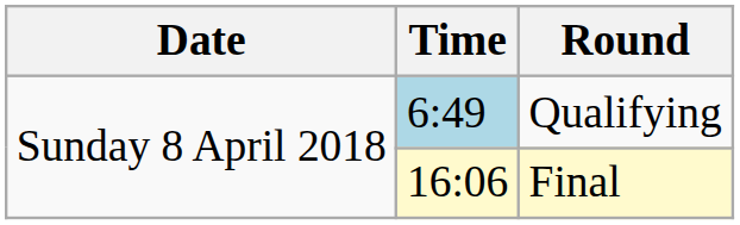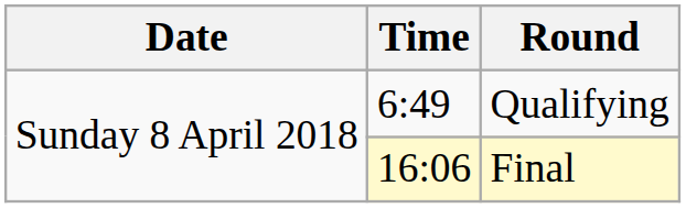 <table class="wikitable">
 <tr>
 <th>Date</th>
 <th>Time</th>
 <th>Round</th>
 </tr>
 <tr>
 <td rowspan=2>Sunday 8 April 2018</td>
-<td style="background: lightblue;">6:49</td>
+<td>6:49</td>
 <td>Qualifying</td>
 </tr>
 <tr>
 <td style=background:lemonchiffon>16:06</td>
 <td style=background:lemonchiffon>Final</td>
 </tr>
 </table>
